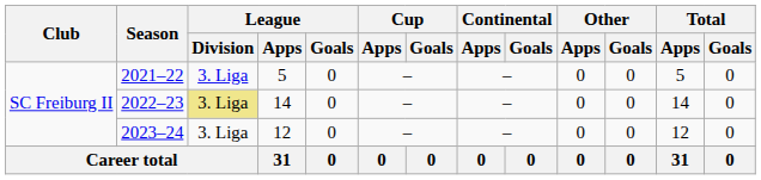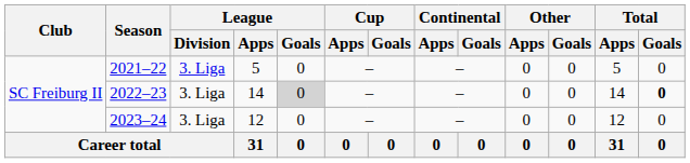 <table class="wikitable" style="text-align:center">
 <tr>
 <th rowspan="2">Club</th>
 <th rowspan="2">Season</th>
 <th colspan="3">League</th>
 <th colspan="2">Cup</th>
 <th colspan="2">Continental</th>
 <th colspan="2">Other</th>
 <th colspan="2">Total</th>
 </tr>
 <tr>
 <th>Division</th>
 <th>Apps</th>
 <th>Goals</th>
 <th>Apps</th>
 <th>Goals</th>
 <th>Apps</th>
 <th>Goals</th>
 <th>Apps</th>
 <th>Goals</th>
 <th>Apps</th>
 <th>Goals</th>
 </tr>
 <tr>
 <td rowspan="3"><a href='#'>SC Freiburg II</a></td>
 <td><a href='#'>2021–22</a></td>
 <td><a href='#'>3. Liga</a></td>
 <td>5</td>
 <td>0</td>
 <td colspan="2">–</td>
 <td colspan="2">–</td>
 <td>0</td>
 <td>0</td>
 <td>5</td>
 <td>0</td>
 </tr>
 <tr>
 <td><a href='#'>2022–23</a></td>
-<td style="background: khaki;">3. Liga</td>
+<td>3. Liga</td>
 <td>14</td>
-<td>0</td>
+<td style="background: lightgrey;">0</td>
 <td colspan="2">–</td>
 <td colspan="2">–</td>
 <td>0</td>
 <td>0</td>
 <td>14</td>
-<td>0</td>
+<td><strong>0</strong></td>
 </tr>
 <tr>
 <td><a href='#'>2023–24</a></td>
 <td>3. Liga</td>
 <td>12</td>
 <td>0</td>
 <td colspan="2">–</td>
 <td colspan="2">–</td>
 <td>0</td>
 <td>0</td>
 <td>12</td>
 <td>0</td>
 </tr>
 <tr>
 <th colspan="3">Career total</th>
 <th>31</th>
 <th>0</th>
 <th>0</th>
 <th>0</th>
 <th>0</th>
 <th>0</th>
 <th>0</th>
 <th>0</th>
 <th>31</th>
 <th>0</th>
 </tr>
 </table>
